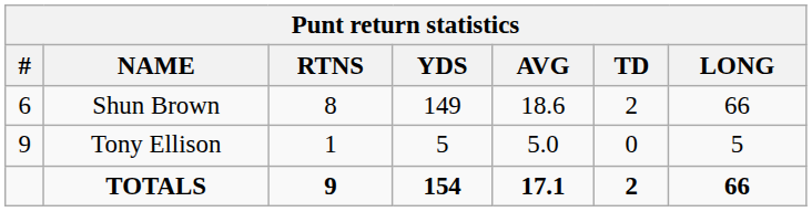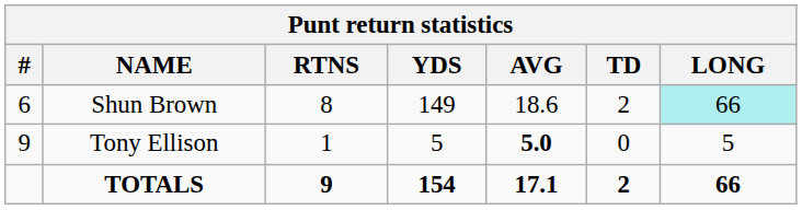 <table style="width:40%; text-align:center;" class="wikitable collapsible collapsed">
 <tr>
 <th colspan="8">Punt return statistics</th>
 </tr>
 <tr>
 <th>#</th>
 <th>NAME</th>
 <th>RTNS</th>
 <th>YDS</th>
 <th>AVG</th>
 <th>TD</th>
 <th>LONG</th>
 </tr>
 <tr>
 <td>6</td>
 <td>Shun Brown</td>
 <td>8</td>
 <td>149</td>
 <td>18.6</td>
 <td>2</td>
-<td>66</td>
+<td style="background: paleturquoise;">66</td>
 </tr>
 <tr>
 <td>9</td>
 <td>Tony Ellison</td>
 <td>1</td>
 <td>5</td>
-<td>5.0</td>
+<td><strong>5.0</strong></td>
 <td>0</td>
 <td>5</td>
 </tr>
 <tr>
 <td></td>
 <td><strong>TOTALS</strong></td>
 <td><strong>9</strong></td>
 <td><strong>154</strong></td>
 <td><strong>17.1</strong></td>
 <td><strong>2</strong></td>
 <td><strong>66</strong></td>
 </tr>
 </table>
